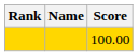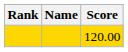 <table class="wikitable">
 <tr>
 <th>Rank</th>
 <th>Name</th>
 <th>Score</th>
 </tr>
 <tr style="background:gold;">
 <td></td>
 <td></td>
-<td>100.00</td>
+<td>120.00</td>
 </tr>
 </table>
